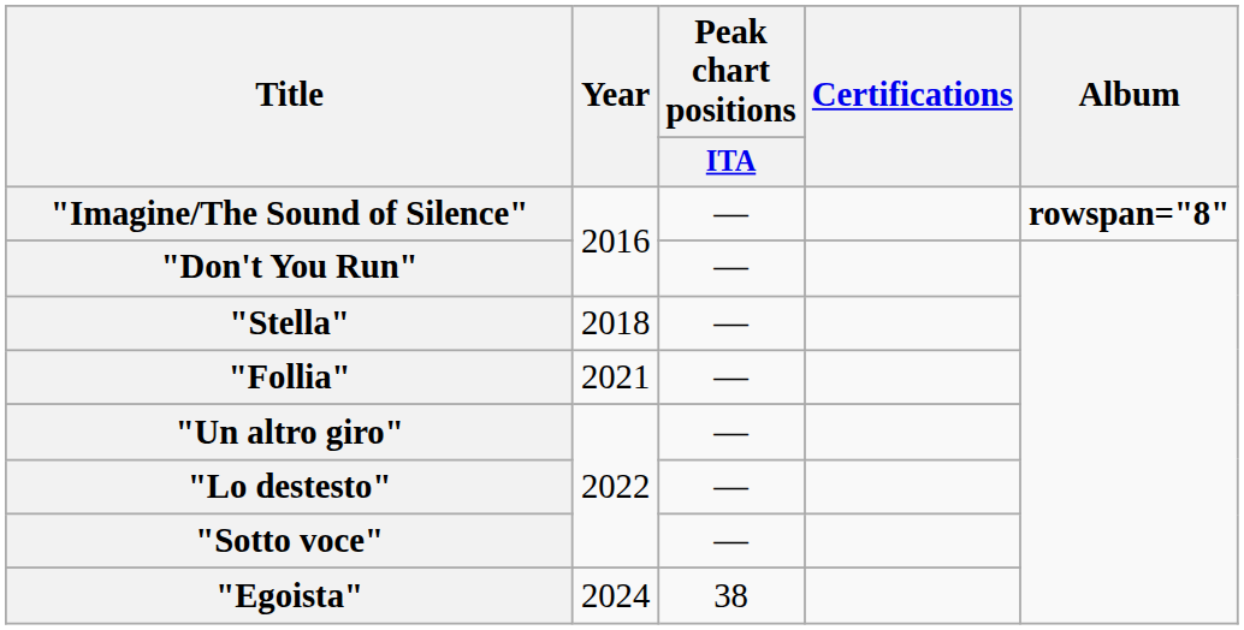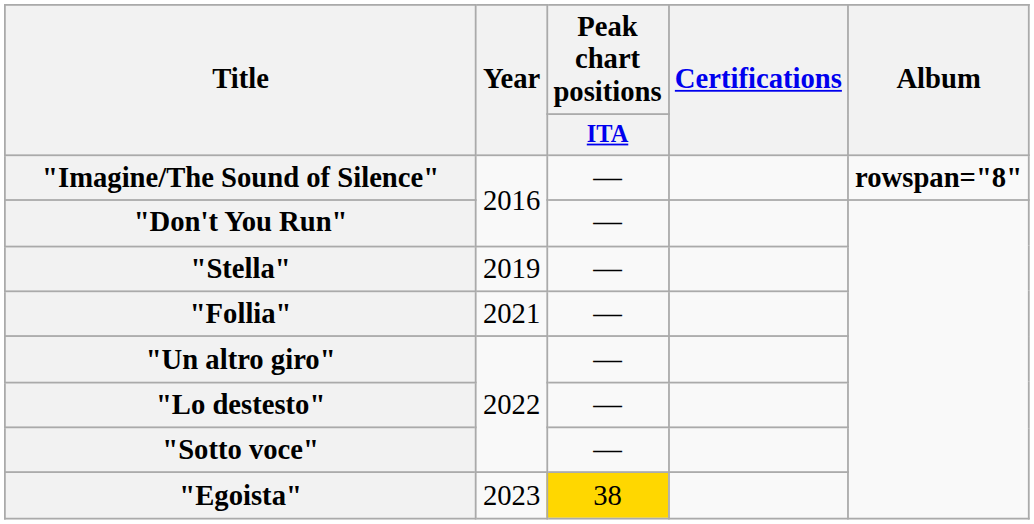 <table class="wikitable plainrowheaders" style="text-align:center;">
 <tr>
 <th rowspan="2" scope="col" style="width:16em;">Title</th>
 <th rowspan="2" scope="col" style="width:1em;">Year</th>
 <th scope="col">Peak chart positions</th>
 <th rowspan="2" scope="col"><a href='#'>Certifications</a></th>
 <th rowspan="2">Album</th>
 </tr>
 <tr>
 <th scope="col" style="width:3em;font-size:85%;"><a href='#'>ITA</a><br></th>
 </tr>
 <tr>
 <th scope="row">"Imagine/The Sound of Silence"</th>
 <td rowspan="2">2016</td>
 <td>—</td>
 <td></td>
 <td><strong>rowspan="8" </strong></td>
 </tr>
 <tr>
 <th scope="row">"Don't You Run"</th>
 <td>—</td>
 <td></td>
 </tr>
 <tr>
 <th scope="row">"Stella"</th>
-<td>2018</td>
+<td>2019</td>
 <td>—</td>
 <td></td>
 </tr>
 <tr>
 <th scope="row">"Follia"</th>
 <td>2021</td>
 <td>—</td>
 <td></td>
 </tr>
 <tr>
 <th scope="row">"Un altro giro"</th>
 <td rowspan="3">2022</td>
 <td>—</td>
 <td></td>
 </tr>
 <tr>
 <th scope="row">"Lo destesto"</th>
 <td>—</td>
 <td></td>
 </tr>
 <tr>
 <th scope="row">"Sotto voce"</th>
 <td>—</td>
 <td></td>
 </tr>
 <tr>
 <th scope="row">"Egoista"</th>
-<td>2024</td>
-<td>38</td>
+<td>2023</td>
+<td style="background: gold;">38</td>
 <td></td>
 </tr>
 </table>
